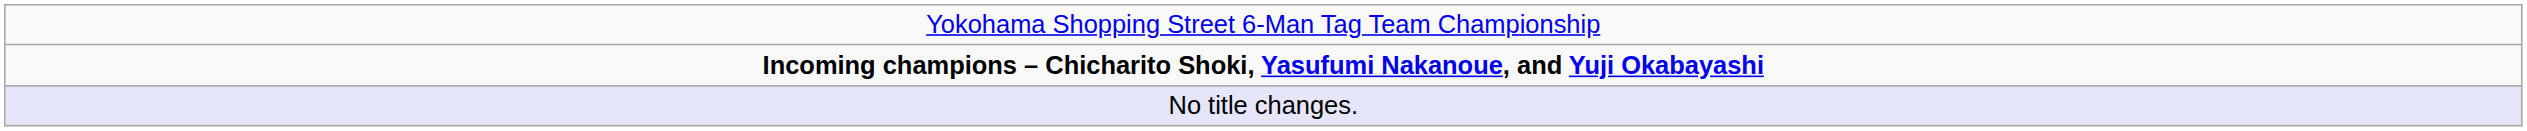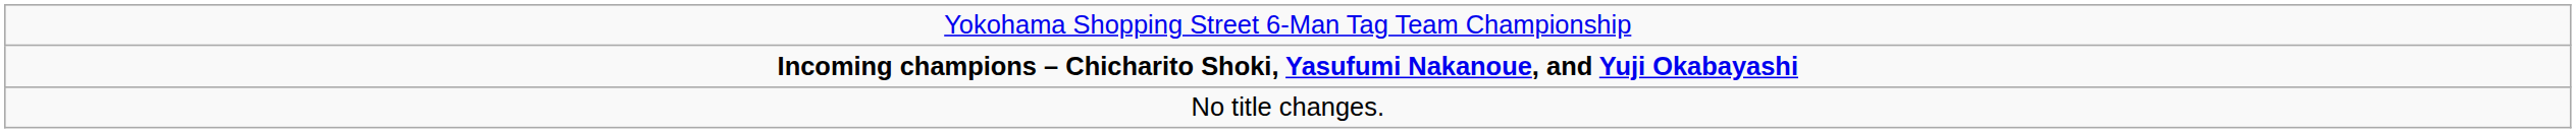 <table class="wikitable" style="text-align:center; width:100%;">
 <tr>
 <td style="text-align: center;"><a href='#'>Yokohama Shopping Street 6-Man Tag Team Championship</a></td>
 </tr>
 <tr>
 <td style="text-align: center;"><strong>Incoming champions – Chicharito Shoki, <a href='#'>Yasufumi Nakanoue</a>, and <a href='#'>Yuji Okabayashi</a></strong></td>
 </tr>
 <tr>
-<td style="background: lavender;">No title changes.</td>
+<td>No title changes.</td>
 </tr>
 </table>
